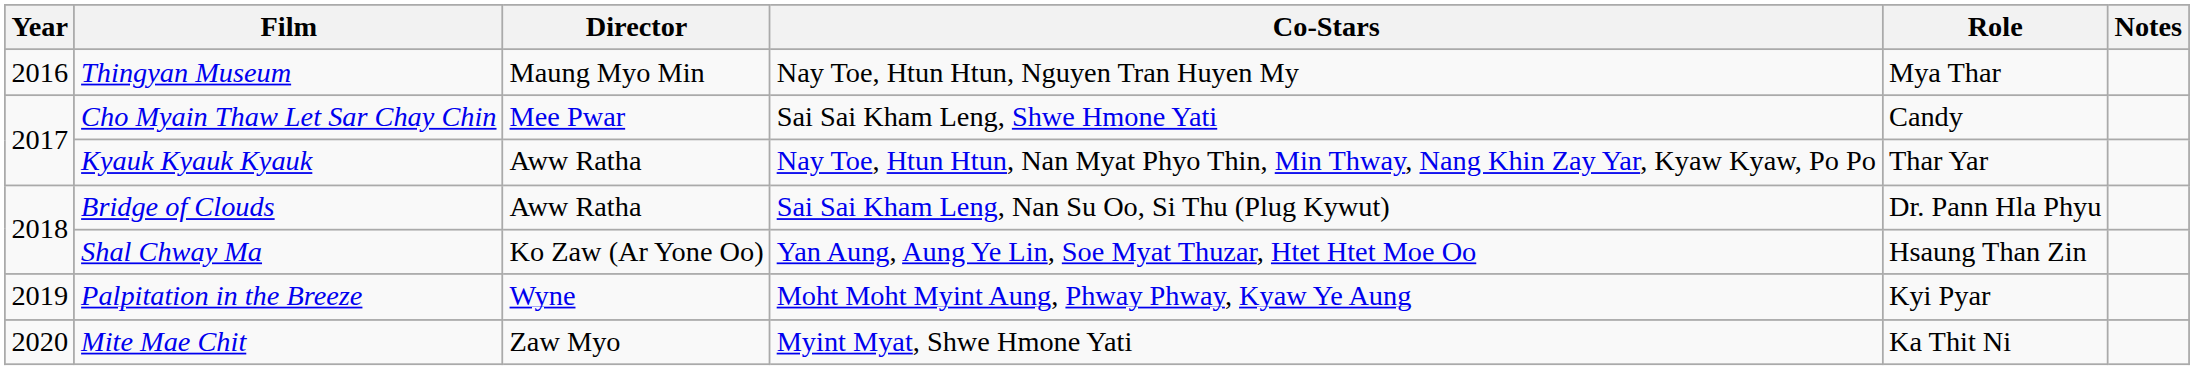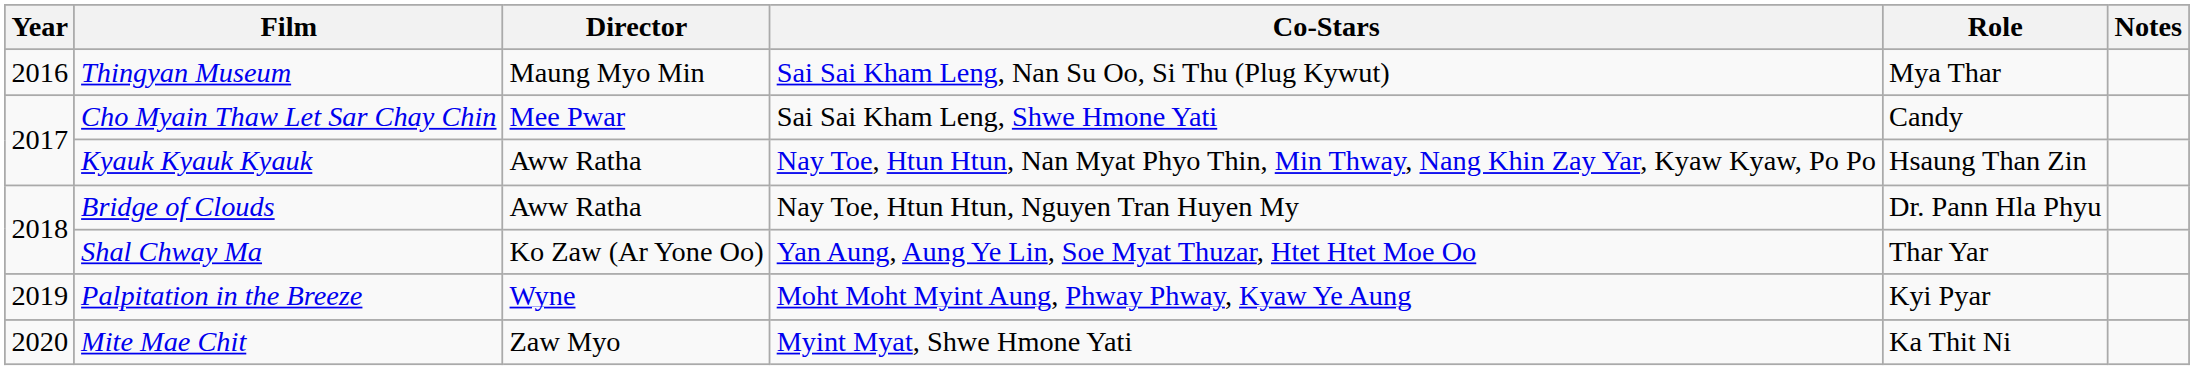 <table class="wikitable sortable">
 <tr>
 <th>Year</th>
 <th>Film</th>
 <th>Director</th>
 <th>Co-Stars</th>
 <th>Role</th>
 <th>Notes</th>
 </tr>
 <tr>
 <td>2016</td>
 <td><em><a href='#'>Thingyan Museum</a></em></td>
 <td>Maung Myo Min</td>
-<td>Nay Toe, Htun Htun, Nguyen Tran Huyen My</td>
+<td><a href='#'>Sai Sai Kham Leng</a>, Nan Su Oo, Si Thu (Plug Kywut)</td>
 <td>Mya Thar</td>
 <td></td>
 </tr>
 <tr>
 <td rowspan="2">2017</td>
 <td><em><a href='#'>Cho Myain Thaw Let Sar Chay Chin</a></em></td>
 <td><a href='#'>Mee Pwar</a></td>
 <td>Sai Sai Kham Leng, <a href='#'>Shwe Hmone Yati</a></td>
 <td>Candy</td>
 <td></td>
 </tr>
 <tr>
 <td><em><a href='#'>Kyauk Kyauk Kyauk</a></em></td>
 <td>Aww Ratha</td>
 <td><a href='#'>Nay Toe</a>, <a href='#'>Htun Htun</a>, Nan Myat Phyo Thin, <a href='#'>Min Thway</a>, <a href='#'>Nang Khin Zay Yar</a>, Kyaw Kyaw, Po Po</td>
-<td>Thar Yar</td>
+<td>Hsaung Than Zin</td>
 <td></td>
 </tr>
 <tr>
 <td rowspan="2">2018</td>
 <td><em><a href='#'>Bridge of Clouds</a></em></td>
 <td>Aww Ratha</td>
-<td><a href='#'>Sai Sai Kham Leng</a>, Nan Su Oo, Si Thu (Plug Kywut)</td>
+<td>Nay Toe, Htun Htun, Nguyen Tran Huyen My</td>
 <td>Dr. Pann Hla Phyu</td>
 <td></td>
 </tr>
 <tr>
 <td><em><a href='#'>Shal Chway Ma</a></em></td>
 <td>Ko Zaw (Ar Yone Oo)</td>
 <td><a href='#'>Yan Aung</a>, <a href='#'>Aung Ye Lin</a>, <a href='#'>Soe Myat Thuzar</a>, <a href='#'>Htet Htet Moe Oo</a></td>
-<td>Hsaung Than Zin</td>
+<td>Thar Yar</td>
 <td></td>
 </tr>
 <tr>
 <td>2019</td>
 <td><em><a href='#'>Palpitation in the Breeze</a></em></td>
 <td><a href='#'>Wyne</a></td>
 <td><a href='#'>Moht Moht Myint Aung</a>, <a href='#'>Phway Phway</a>, <a href='#'>Kyaw Ye Aung</a></td>
 <td>Kyi Pyar</td>
 <td></td>
 </tr>
 <tr>
 <td>2020</td>
 <td><em><a href='#'>Mite Mae Chit</a></em></td>
 <td>Zaw Myo</td>
 <td><a href='#'>Myint Myat</a>, Shwe Hmone Yati</td>
 <td>Ka Thit Ni</td>
 <td></td>
 </tr>
 </table>
